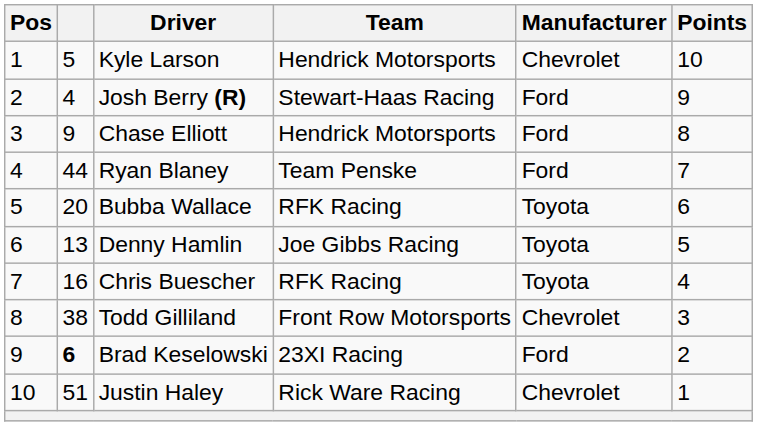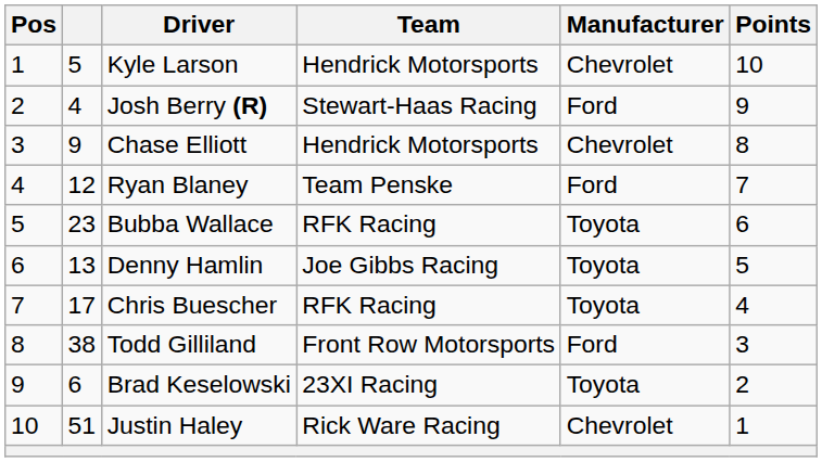 <table class="wikitable" style="font-size:98%">
 <tr>
 <th>Pos</th>
 <th></th>
 <th>Driver</th>
 <th>Team</th>
 <th>Manufacturer</th>
 <th>Points</th>
 </tr>
 <tr>
 <td>1</td>
 <td>5</td>
 <td>Kyle Larson</td>
 <td>Hendrick Motorsports</td>
 <td>Chevrolet</td>
 <td>10</td>
 </tr>
 <tr>
 <td>2</td>
 <td>4</td>
 <td>Josh Berry <strong>(R)</strong></td>
 <td>Stewart-Haas Racing</td>
 <td>Ford</td>
 <td>9</td>
 </tr>
 <tr>
 <td>3</td>
 <td>9</td>
 <td>Chase Elliott</td>
 <td>Hendrick Motorsports</td>
-<td>Ford</td>
+<td>Chevrolet</td>
 <td>8</td>
 </tr>
 <tr>
 <td>4</td>
-<td>44</td>
+<td>12</td>
 <td>Ryan Blaney</td>
 <td>Team Penske</td>
 <td>Ford</td>
 <td>7</td>
 </tr>
 <tr>
 <td>5</td>
-<td>20</td>
+<td>23</td>
 <td>Bubba Wallace</td>
 <td>RFK Racing</td>
 <td>Toyota</td>
 <td>6</td>
 </tr>
 <tr>
 <td>6</td>
 <td>13</td>
 <td>Denny Hamlin</td>
 <td>Joe Gibbs Racing</td>
 <td>Toyota</td>
 <td>5</td>
 </tr>
 <tr>
 <td>7</td>
-<td>16</td>
+<td>17</td>
 <td>Chris Buescher</td>
 <td>RFK Racing</td>
 <td>Toyota</td>
 <td>4</td>
 </tr>
 <tr>
 <td>8</td>
 <td>38</td>
 <td>Todd Gilliland</td>
 <td>Front Row Motorsports</td>
-<td>Chevrolet</td>
+<td>Ford</td>
 <td>3</td>
 </tr>
 <tr>
 <td>9</td>
-<td><strong>6</strong></td>
+<td>6</td>
 <td>Brad Keselowski</td>
 <td>23XI Racing</td>
-<td>Ford</td>
+<td>Toyota</td>
 <td>2</td>
 </tr>
 <tr>
 <td>10</td>
 <td>51</td>
 <td>Justin Haley</td>
 <td>Rick Ware Racing</td>
 <td>Chevrolet</td>
 <td>1</td>
 </tr>
 <tr>
 <th colspan="6"></th>
 </tr>
 </table>
